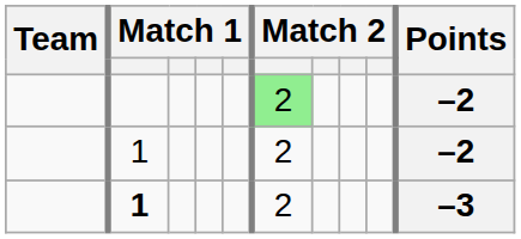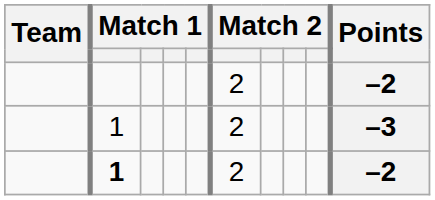 <table class="wikitable sortable" style="text-align:center;">
 <tr>
 <th rowspan=2>Team</th>
 <th colspan=4 style="border-left:3px solid gray">Match 1</th>
 <th colspan=4 style="border-left:3px solid gray">Match 2</th>
 <th rowspan=2 style="border-left:3px solid gray">Points</th>
 </tr>
 <tr>
 <th style="border-left:3px solid gray"></th>
 <th></th>
 <th></th>
 <th></th>
 <th style="border-left:3px solid gray"></th>
 <th></th>
 <th></th>
 <th></th>
 </tr>
 <tr>
 <td align=left></td>
 <td style="border-left:3px solid gray"></td>
 <td></td>
 <td></td>
 <td></td>
-<td style="background: lightgreen; border-left:3px solid gray">2</td>
+<td style="border-left:3px solid gray">2</td>
 <td></td>
 <td></td>
 <td></td>
 <th style="border-left:3px solid gray">–2</th>
 </tr>
 <tr>
 <td align=left></td>
 <td style="border-left:3px solid gray">1</td>
 <td></td>
 <td></td>
 <td></td>
 <td style="border-left:3px solid gray">2</td>
 <td></td>
 <td></td>
 <td></td>
-<th style="border-left:3px solid gray">–2</th>
+<th style="border-left:3px solid gray">–3</th>
 </tr>
 <tr>
 <td align=left></td>
 <td style="border-left:3px solid gray"><strong>1</strong></td>
 <td></td>
 <td></td>
 <td></td>
 <td style="border-left:3px solid gray">2</td>
 <td></td>
 <td></td>
 <td></td>
-<th style="border-left:3px solid gray">–3</th>
+<th style="border-left:3px solid gray">–2</th>
 </tr>
 </table>
